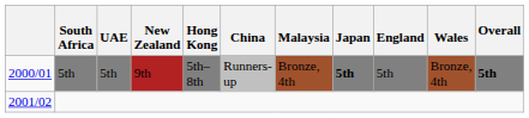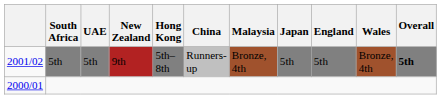 <table class="wikitable">
 <tr>
 <th></th>
 <th width=7%> <br> South Africa</th>
 <th width=7%> <br> UAE</th>
 <th width=7%> <br> New Zealand</th>
 <th width=7%> <br> Hong Kong</th>
 <th width=7%> <br> China</th>
 <th width=7%> <br> Malaysia</th>
 <th width=7%> <br> Japan</th>
 <th width=7%> <br> England</th>
 <th width=7%> <br> Wales</th>
 <th>Overall</th>
 </tr>
 <tr>
-<td><a href='#'>2000/01</a></td>
+<td><a href='#'>2001/02</a></td>
 <td style="background: gray;">5th</td>
 <td style="background: gray;">5th</td>
 <td style="background: FireBrick;">9th</td>
 <td style="background: gray;">5th–8th</td>
 <td style="background: silver;">Runners-up</td>
 <td style="background: Sienna;">Bronze, 4th</td>
-<td style="background: gray;"><strong>5th</strong></td>
+<td style="background: gray;">5th</td>
 <td style="background: gray;">5th</td>
 <td style="background: Sienna;">Bronze, 4th</td>
 <td style="background: gray;"><strong>5th</strong></td>
 </tr>
 <tr>
-<td><a href='#'>2001/02</a></td>
+<td><a href='#'>2000/01</a></td>
 </tr>
 </table>
